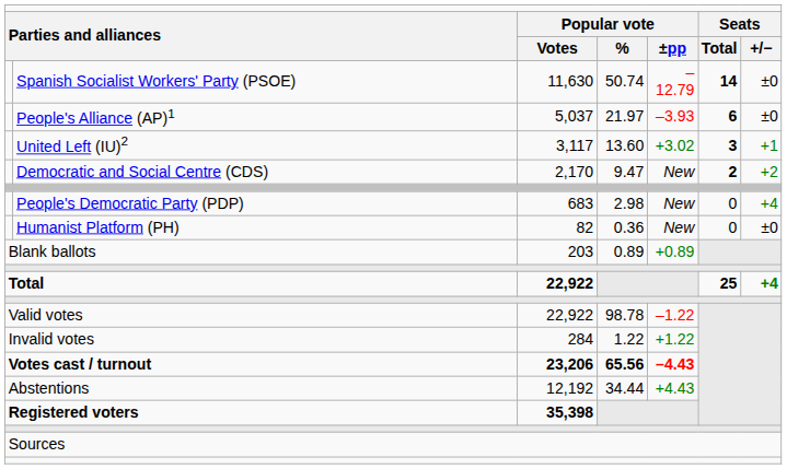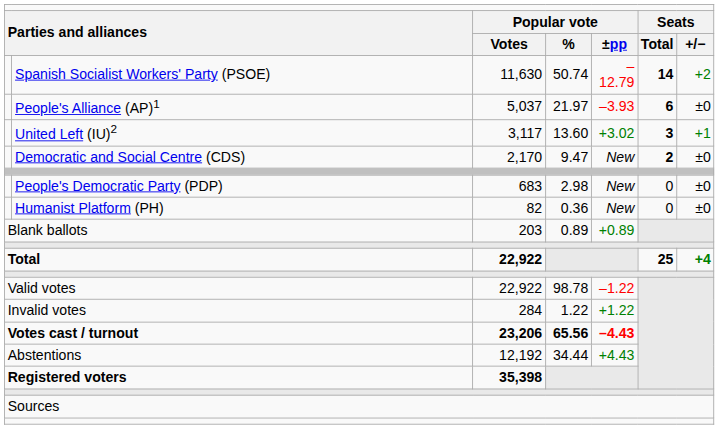 <table class="wikitable" style="text-align:right;">
 <tr>
 <td colspan="7"></td>
 </tr>
 <tr>
 <th style="text-align:left;" rowspan="2" colspan="2" width="525">Parties and alliances</th>
 <th colspan="3">Popular vote</th>
 <th colspan="2">Seats</th>
 </tr>
 <tr>
 <th width="75">Votes</th>
 <th width="45">%</th>
 <th width="45">±<a href='#'>pp</a></th>
 <th width="35">Total</th>
 <th width="35">+/−</th>
 </tr>
 <tr>
 <td width="1" style="color:inherit;background:"></td>
 <td align="left"><a href='#'>Spanish Socialist Workers' Party</a> (PSOE)</td>
 <td>11,630</td>
 <td>50.74</td>
 <td style="color:red;">–12.79</td>
 <td><strong>14</strong></td>
-<td>±0</td>
+<td style="color:green;">+2</td>
 </tr>
 <tr>
 <td style="color:inherit;background:"></td>
 <td align="left"><a href='#'>People's Alliance</a> (AP)<sup>1</sup></td>
 <td>5,037</td>
 <td>21.97</td>
 <td style="color:red;">–3.93</td>
 <td><strong>6</strong></td>
 <td>±0</td>
 </tr>
 <tr>
 <td style="color:inherit;background:"></td>
 <td align="left"><a href='#'>United Left</a> (IU)<sup>2</sup></td>
 <td>3,117</td>
 <td>13.60</td>
 <td style="color:green;">+3.02</td>
 <td><strong>3</strong></td>
 <td style="color:green;">+1</td>
 </tr>
 <tr>
 <td style="color:inherit;background:"></td>
 <td align="left"><a href='#'>Democratic and Social Centre</a> (CDS)</td>
 <td>2,170</td>
 <td>9.47</td>
 <td><em>New</em></td>
 <td><strong>2</strong></td>
-<td style="color:green;">+2</td>
+<td>±0</td>
 </tr>
 <tr>
 <td colspan="7" bgcolor="#C0C0C0"></td>
 </tr>
 <tr>
 <td style="color:inherit;background:"></td>
 <td align="left"><a href='#'>People's Democratic Party</a> (PDP)</td>
 <td>683</td>
 <td>2.98</td>
 <td><em>New</em></td>
 <td>0</td>
-<td style="color:green;">+4</td>
+<td>±0</td>
 </tr>
 <tr>
 <td style="color:inherit;background:"></td>
 <td align="left"><a href='#'>Humanist Platform</a> (PH)</td>
 <td>82</td>
 <td>0.36</td>
 <td><em>New</em></td>
 <td>0</td>
 <td>±0</td>
 </tr>
 <tr>
 <td align="left" colspan="2">Blank ballots</td>
 <td>203</td>
 <td>0.89</td>
 <td style="color:green;">+0.89</td>
 <td bgcolor="#E9E9E9" colspan="2"></td>
 </tr>
 <tr>
 <td colspan="7" bgcolor="#E9E9E9"></td>
 </tr>
 <tr style="font-weight:bold;">
 <td align="left" colspan="2">Total</td>
 <td>22,922</td>
 <td bgcolor="#E9E9E9" colspan="2"></td>
 <td>25</td>
 <td style="color:green;">+4</td>
 </tr>
 <tr>
 <td colspan="7" bgcolor="#E9E9E9"></td>
 </tr>
 <tr>
 <td align="left" colspan="2">Valid votes</td>
 <td>22,922</td>
 <td>98.78</td>
 <td style="color:red;">–1.22</td>
 <td bgcolor="#E9E9E9" colspan="2" rowspan="5"></td>
 </tr>
 <tr>
 <td align="left" colspan="2">Invalid votes</td>
 <td>284</td>
 <td>1.22</td>
 <td style="color:green;">+1.22</td>
 </tr>
 <tr style="font-weight:bold;">
 <td align="left" colspan="2">Votes cast / turnout</td>
 <td>23,206</td>
 <td>65.56</td>
 <td style="color:red;">–4.43</td>
 </tr>
 <tr>
 <td align="left" colspan="2">Abstentions</td>
 <td>12,192</td>
 <td>34.44</td>
 <td style="color:green;">+4.43</td>
 </tr>
 <tr style="font-weight:bold;">
 <td align="left" colspan="2">Registered voters</td>
 <td>35,398</td>
 <td bgcolor="#E9E9E9" colspan="2"></td>
 </tr>
 <tr>
 <td colspan="7" bgcolor="#E9E9E9"></td>
 </tr>
 <tr>
 <td align="left" colspan="7">Sources</td>
 </tr>
 <tr>
 <td colspan="7" style="text-align:left; max-width:790px;"></td>
 </tr>
 </table>
